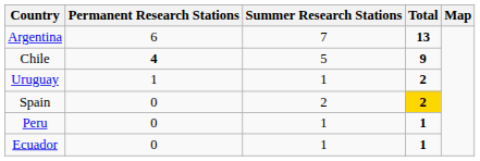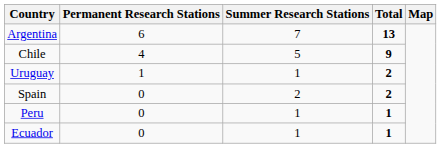 <table border=0 class="wikitable" style="text-align:center;">
 <tr>
 <th>Country</th>
 <th>Permanent Research Stations</th>
 <th>Summer Research Stations</th>
 <th>Total</th>
 <th>Map</th>
 </tr>
 <tr>
 <td><a href='#'>Argentina</a></td>
 <td>6</td>
 <td>7</td>
 <td><strong>13</strong></td>
 <td rowspan="6"></td>
 </tr>
 <tr>
 <td>Chile</td>
-<td><strong>4</strong></td>
+<td>4</td>
 <td>5</td>
 <td><strong>9</strong></td>
 </tr>
 <tr>
 <td><a href='#'>Uruguay</a></td>
 <td>1</td>
 <td>1</td>
 <td><strong>2</strong></td>
 </tr>
 <tr>
 <td>Spain</td>
 <td>0</td>
 <td>2</td>
-<td style="background: gold;"><strong>2</strong></td>
+<td><strong>2</strong></td>
 </tr>
 <tr>
 <td><a href='#'>Peru</a></td>
 <td>0</td>
 <td>1</td>
 <td><strong>1</strong></td>
 </tr>
 <tr>
 <td><a href='#'>Ecuador</a></td>
 <td>0</td>
 <td>1</td>
 <td><strong>1</strong></td>
 </tr>
 </table>
